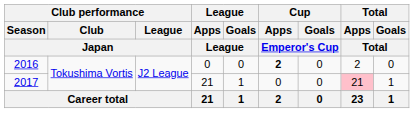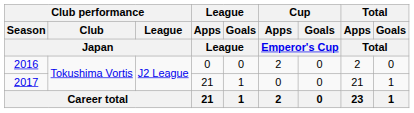 <table class="wikitable" style="text-align:center">
 <tr>
 <th colspan=3>Club performance</th>
 <th colspan=2>League</th>
 <th colspan=2>Cup</th>
 <th colspan=2>Total</th>
 </tr>
 <tr>
 <th>Season</th>
 <th>Club</th>
 <th>League</th>
 <th>Apps</th>
 <th>Goals</th>
 <th>Apps</th>
 <th>Goals</th>
 <th>Apps</th>
 <th>Goals</th>
 </tr>
 <tr>
 <th colspan=3>Japan</th>
 <th colspan=2>League</th>
 <th colspan=2><a href='#'>Emperor's Cup</a></th>
 <th colspan=2>Total</th>
 </tr>
 <tr>
 <td><a href='#'>2016</a></td>
 <td rowspan="2"><a href='#'>Tokushima Vortis</a></td>
 <td rowspan="2"><a href='#'>J2 League</a></td>
 <td>0</td>
 <td>0</td>
-<td><strong>2</strong></td>
+<td>2</td>
 <td>0</td>
 <td>2</td>
 <td>0</td>
 </tr>
 <tr>
 <td><a href='#'>2017</a></td>
 <td>21</td>
 <td>1</td>
 <td>0</td>
 <td>0</td>
-<td style="background: pink;">21</td>
+<td>21</td>
 <td>1</td>
 </tr>
 <tr>
 <th colspan=3>Career total</th>
 <th>21</th>
 <th>1</th>
 <th>2</th>
 <th>0</th>
 <th>23</th>
 <th>1</th>
 </tr>
 </table>
